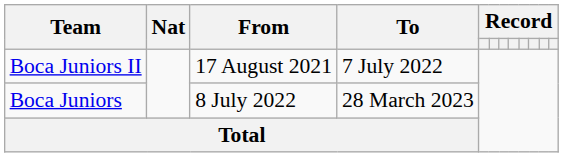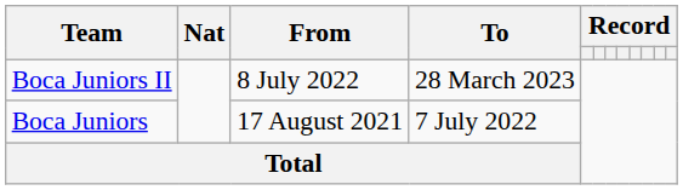 <table class="wikitable" style="text-align: center">
 <tr>
 <th rowspan="2">Team</th>
 <th rowspan="2">Nat</th>
 <th rowspan="2">From</th>
 <th rowspan="2">To</th>
 <th colspan="8">Record</th>
 </tr>
 <tr>
 <th></th>
 <th></th>
 <th></th>
 <th></th>
 <th></th>
 <th></th>
 <th></th>
 <th></th>
 </tr>
 <tr>
 <td align=left><a href='#'>Boca Juniors II</a></td>
 <td rowspan="2"></td>
-<td align=left>17 August 2021</td>
-<td align=left>7 July 2022<br></td>
+<td align=left>8 July 2022</td>
+<td align=left>28 March 2023<br></td>
 </tr>
 <tr>
 <td align=left><a href='#'>Boca Juniors</a></td>
-<td align=left>8 July 2022</td>
-<td align=left>28 March 2023<br></td>
+<td align=left>17 August 2021</td>
+<td align=left>7 July 2022<br></td>
 </tr>
 <tr align=center>
 <th colspan="4">Total<br></th>
 </tr>
 </table>
